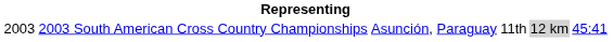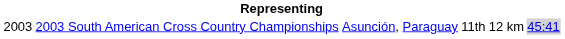 <table>
 <tr>
 <th colspan="6">Representing </th>
 </tr>
 <tr>
 <td rowspan=3>2003</td>
 <td rowspan=3><a href='#'>2003 South American Cross Country Championships</a></td>
 <td rowspan=3><a href='#'>Asunción</a>, <a href='#'>Paraguay</a></td>
 <td>11th</td>
-<td style="background: lightgrey;">12 km</td>
-<td><a href='#'>45:41</a></td>
+<td>12 km</td>
+<td style="background: lightgrey;"><a href='#'>45:41</a></td>
 </tr>
 </table>
